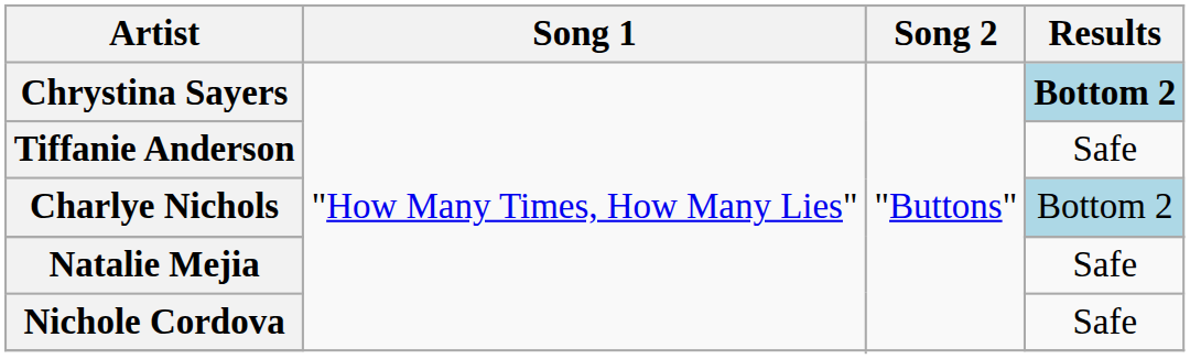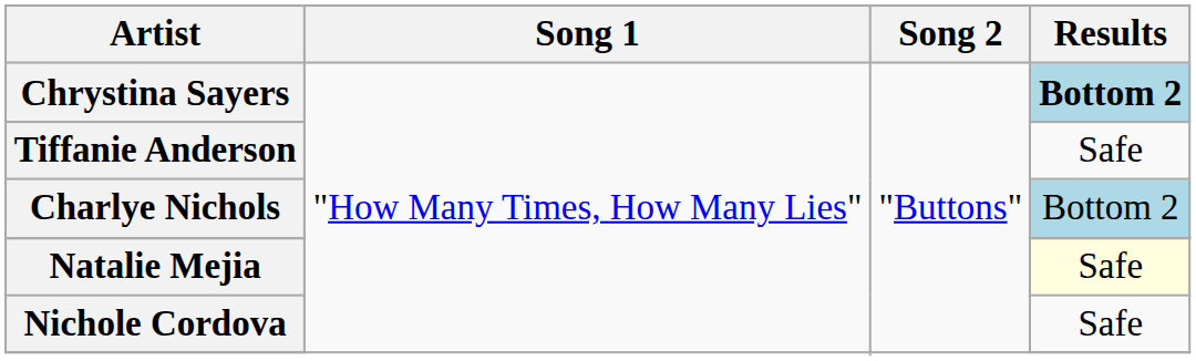 <table class="wikitable plainrowheaders" style="text-align:center;">
 <tr>
 <th scope="col">Artist</th>
 <th scope="col">Song 1</th>
 <th scope="col">Song 2</th>
 <th scope="col">Results</th>
 </tr>
 <tr>
 <th scope="row">Chrystina Sayers</th>
 <td rowspan="7">"<a href='#'>How Many Times, How Many Lies</a>"</td>
 <td rowspan="7">"<a href='#'>Buttons</a>"</td>
 <td style="background:lightblue;"><strong>Bottom 2</strong></td>
 </tr>
 <tr>
 <th scope="row">Tiffanie Anderson</th>
 <td>Safe</td>
 </tr>
 <tr>
 <th scope="row">Charlye Nichols</th>
 <td style="background:lightblue;">Bottom 2</td>
 </tr>
 <tr>
 </tr>
 <tr>
 <th scope="row">Natalie Mejia</th>
-<td>Safe</td>
+<td style="background: lightyellow;">Safe</td>
 </tr>
 <tr>
 <th scope="row">Nichole Cordova</th>
 <td>Safe</td>
 </tr>
 <tr>
 </tr>
 </table>
